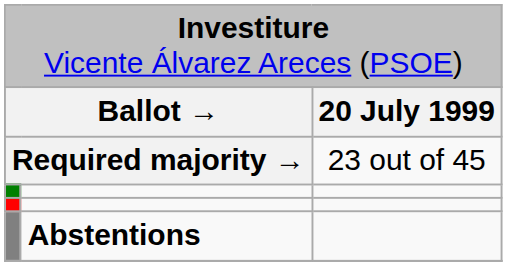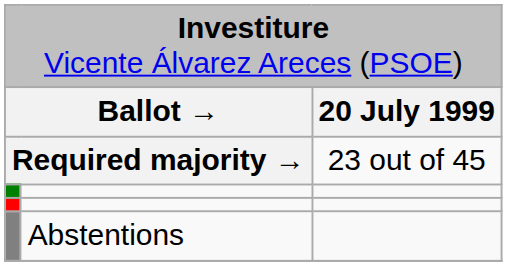 <table class="wikitable" style="text-align:center; font-size:98%;">
 <tr>
 <td colspan="4" align="center" bgcolor="#C0C0C0"><strong>Investiture</strong><br><a href='#'>Vicente Álvarez Areces</a> (<a href='#'>PSOE</a>)</td>
 </tr>
 <tr>
 <th colspan="2" width="150px">Ballot →</th>
 <th>20 July 1999</th>
 </tr>
 <tr>
 <th colspan="2">Required majority →</th>
 <td>23 out of 45 </td>
 </tr>
 <tr>
 <th width="1px" style="background:green;"></th>
 <td align="left"></td>
 <td></td>
 </tr>
 <tr>
 <th style="background:red;"></th>
 <td align="left"></td>
 <td></td>
 </tr>
 <tr>
 <th style="background:gray;"></th>
-<td align="left"><strong>Abstentions</strong></td>
+<td align="left">Abstentions</td>
 <td></td>
 </tr>
 <tr>
 </tr>
 </table>
